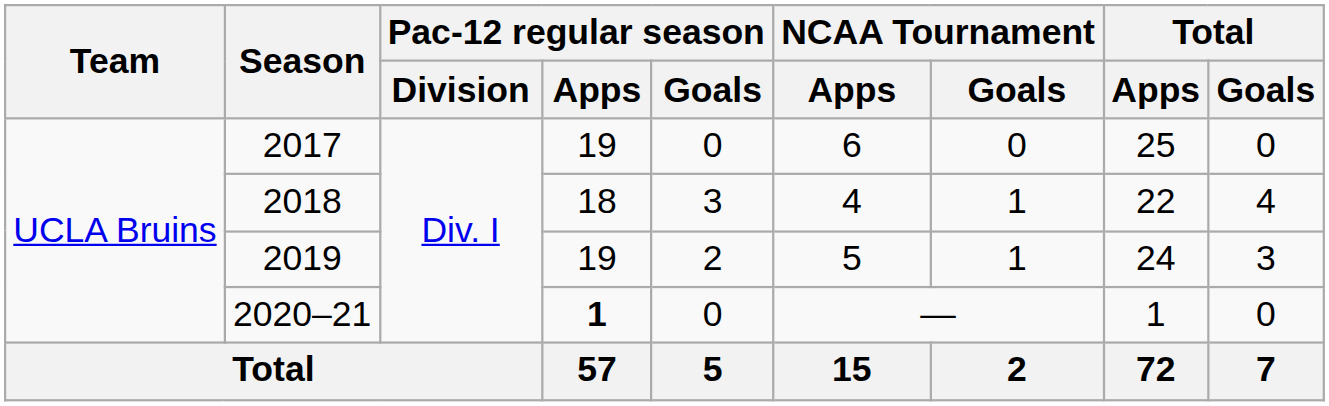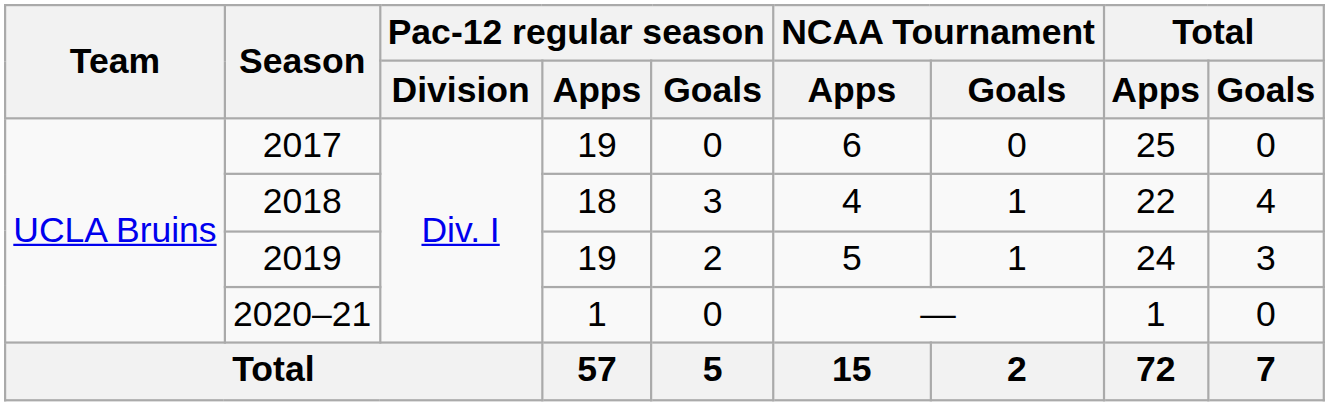 <table class="wikitable" style="text-align: center;">
 <tr>
 <th rowspan="2">Team</th>
 <th rowspan="2">Season</th>
 <th colspan="3">Pac-12 regular season</th>
 <th colspan="2">NCAA Tournament</th>
 <th colspan="2">Total</th>
 </tr>
 <tr>
 <th>Division</th>
 <th>Apps</th>
 <th>Goals</th>
 <th>Apps</th>
 <th>Goals</th>
 <th>Apps</th>
 <th>Goals</th>
 </tr>
 <tr>
 <td rowspan="4"><a href='#'>UCLA Bruins</a></td>
 <td>2017</td>
 <td rowspan="4"><a href='#'>Div. I</a></td>
 <td>19</td>
 <td>0</td>
 <td>6</td>
 <td>0</td>
 <td>25</td>
 <td>0</td>
 </tr>
 <tr>
 <td>2018</td>
 <td>18</td>
 <td>3</td>
 <td>4</td>
 <td>1</td>
 <td>22</td>
 <td>4</td>
 </tr>
 <tr>
 <td>2019</td>
 <td>19</td>
 <td>2</td>
 <td>5</td>
 <td>1</td>
 <td>24</td>
 <td>3</td>
 </tr>
 <tr>
 <td>2020–21</td>
-<td><strong>1</strong></td>
+<td>1</td>
 <td>0</td>
 <td colspan="2">—</td>
 <td>1</td>
 <td>0</td>
 </tr>
 <tr>
 <th colspan="3">Total</th>
 <th>57</th>
 <th>5</th>
 <th>15</th>
 <th>2</th>
 <th>72</th>
 <th>7</th>
 </tr>
 </table>
